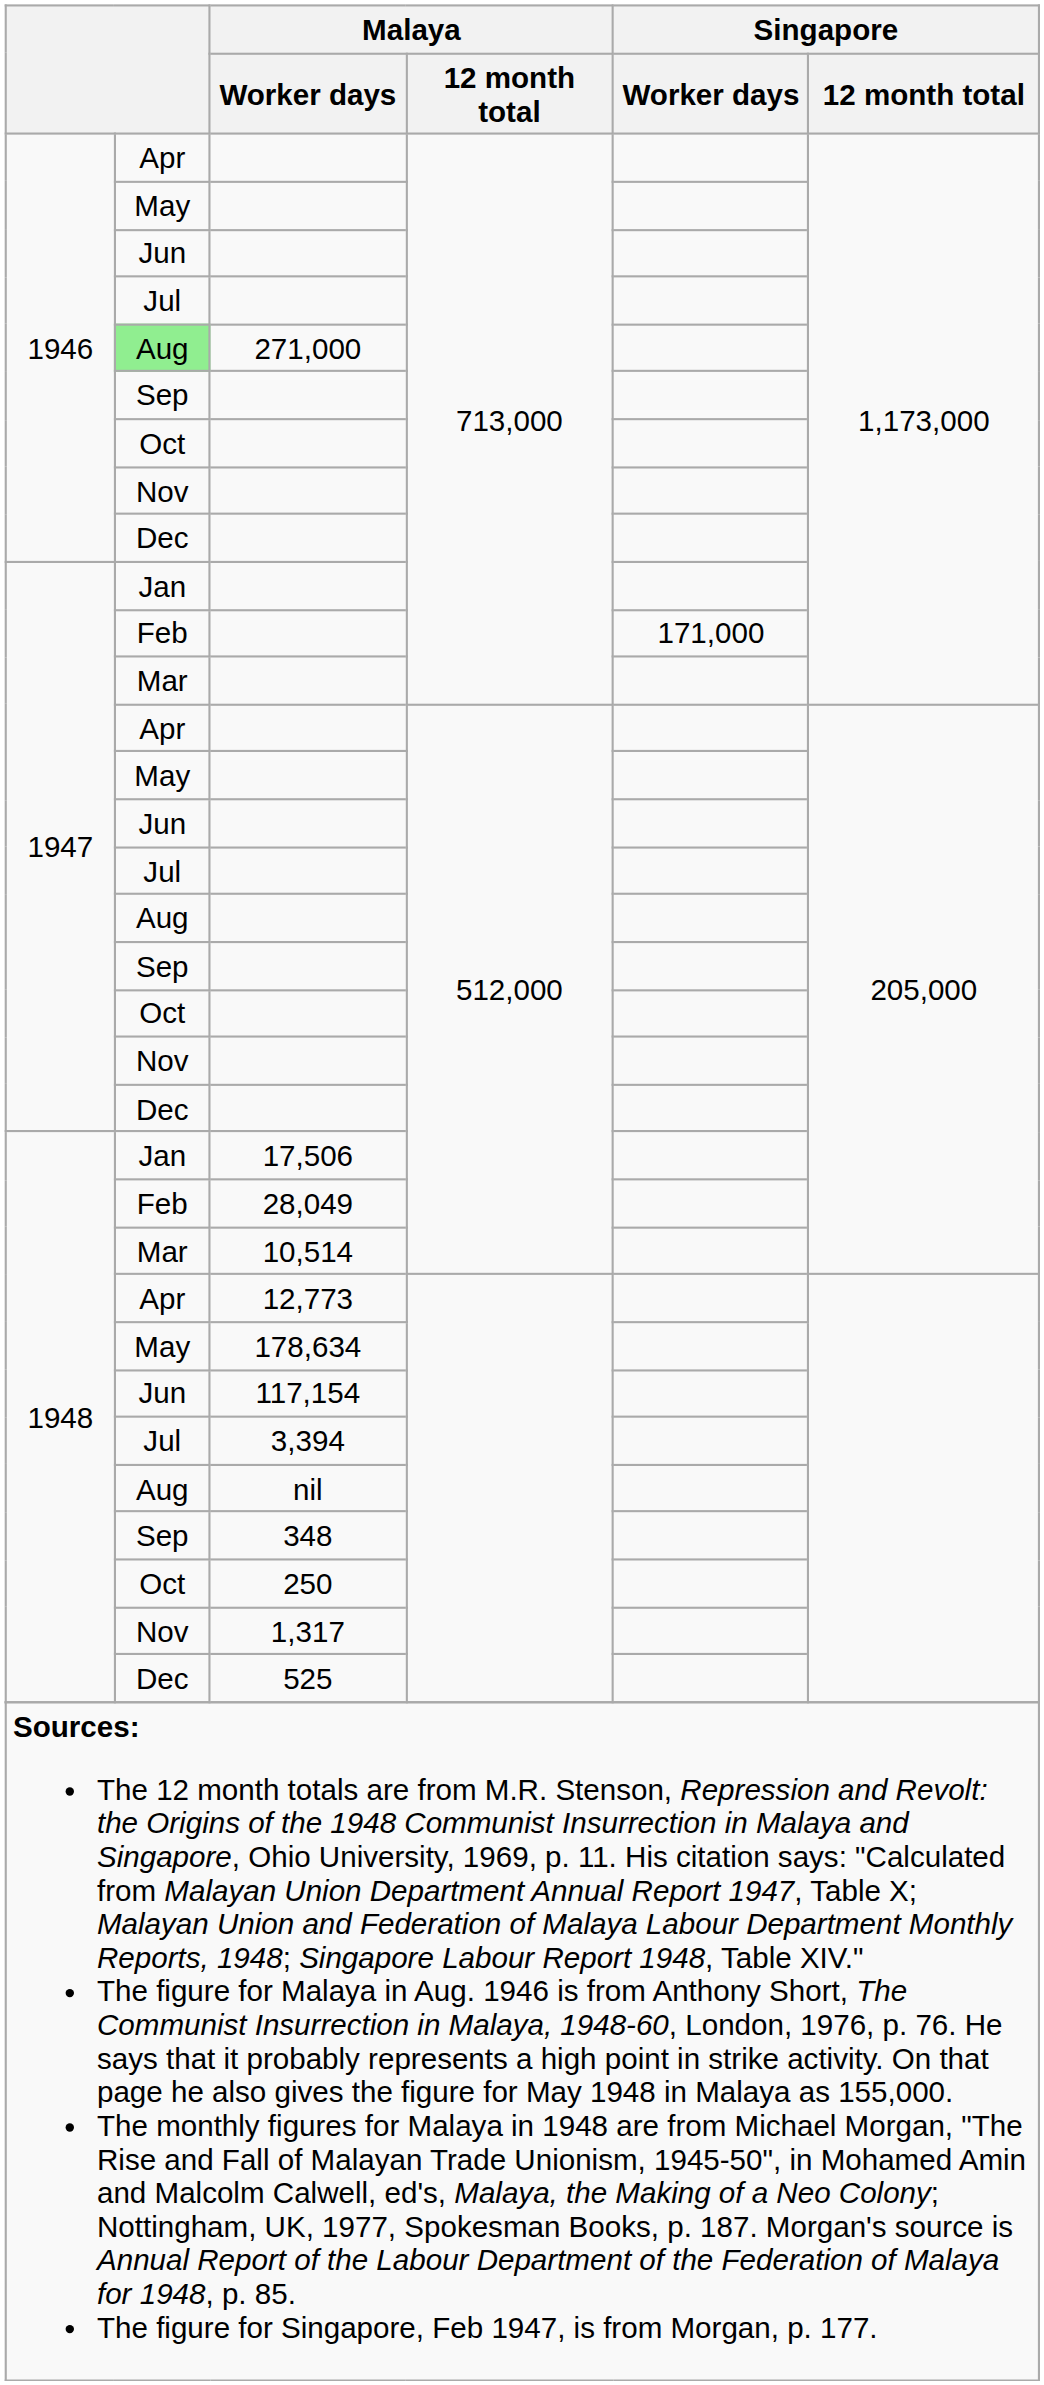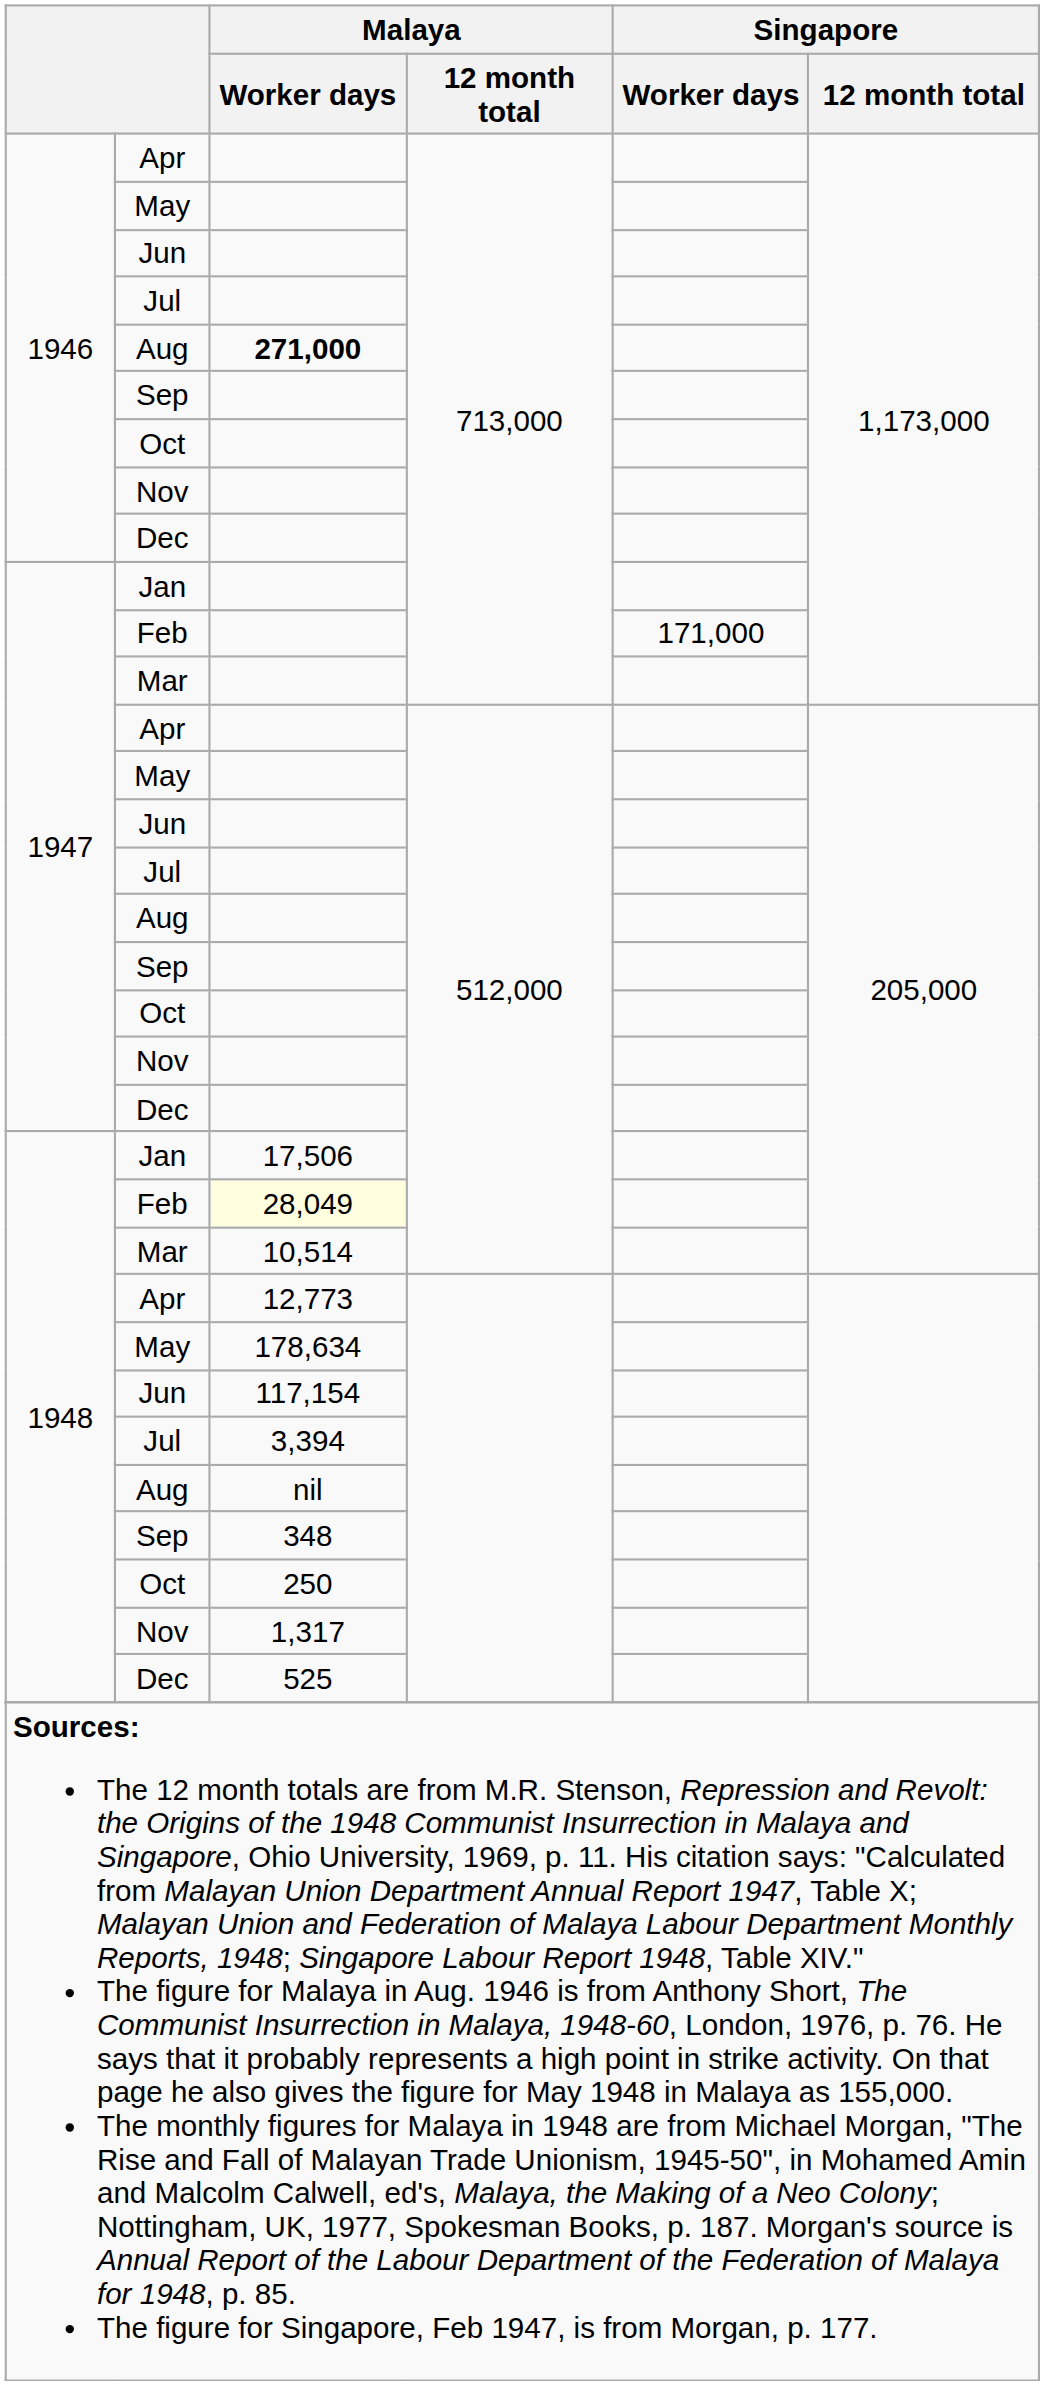 <table class="wikitable" style="width:35em; max-width:50%; text-align:center; float:right; margin-left:1em; font-size:88%;">
 <tr>
 <th colspan=2 rowspan=2></th>
 <th colspan=2>Malaya</th>
 <th colspan=2>Singapore</th>
 </tr>
 <tr>
 <th>Worker days</th>
 <th>12 month total</th>
 <th>Worker days</th>
 <th>12 month total</th>
 </tr>
 <tr>
 <td rowspan=9>1946</td>
 <td>Apr</td>
 <td></td>
 <td rowspan=12>713,000</td>
 <td></td>
 <td rowspan=12>1,173,000</td>
 </tr>
 <tr>
 <td>May</td>
 <td></td>
 <td></td>
 </tr>
 <tr>
 <td>Jun</td>
 <td></td>
 <td></td>
 </tr>
 <tr>
 <td>Jul</td>
 <td></td>
 <td></td>
 </tr>
 <tr>
-<td style="background: lightgreen;">Aug</td>
-<td>271,000</td>
+<td>Aug</td>
+<td><strong>271,000</strong></td>
 <td></td>
 </tr>
 <tr>
 <td>Sep</td>
 <td></td>
 <td></td>
 </tr>
 <tr>
 <td>Oct</td>
 <td></td>
 <td></td>
 </tr>
 <tr>
 <td>Nov</td>
 <td></td>
 <td></td>
 </tr>
 <tr>
 <td>Dec</td>
 <td></td>
 <td><br></td>
 </tr>
 <tr>
 <td rowspan=12>1947</td>
 <td>Jan</td>
 <td></td>
 <td></td>
 </tr>
 <tr>
 <td>Feb</td>
 <td></td>
 <td>171,000</td>
 </tr>
 <tr>
 <td>Mar</td>
 <td></td>
 <td></td>
 </tr>
 <tr>
 <td>Apr</td>
 <td></td>
 <td rowspan=12>512,000</td>
 <td></td>
 <td rowspan=12>205,000</td>
 </tr>
 <tr>
 <td>May</td>
 <td></td>
 <td></td>
 </tr>
 <tr>
 <td>Jun</td>
 <td></td>
 <td></td>
 </tr>
 <tr>
 <td>Jul</td>
 <td></td>
 <td></td>
 </tr>
 <tr>
 <td>Aug</td>
 <td></td>
 <td></td>
 </tr>
 <tr>
 <td>Sep</td>
 <td></td>
 <td></td>
 </tr>
 <tr>
 <td>Oct</td>
 <td></td>
 <td></td>
 </tr>
 <tr>
 <td>Nov</td>
 <td></td>
 <td></td>
 </tr>
 <tr>
 <td>Dec</td>
 <td></td>
 <td><br></td>
 </tr>
 <tr>
 <td rowspan=12>1948</td>
 <td>Jan</td>
 <td>17,506</td>
 <td></td>
 </tr>
 <tr>
 <td>Feb</td>
-<td>28,049</td>
+<td style="background: lightyellow;">28,049</td>
 <td></td>
 </tr>
 <tr>
 <td>Mar</td>
 <td>10,514</td>
 <td></td>
 </tr>
 <tr>
 <td>Apr</td>
 <td>12,773</td>
 <td rowspan=9></td>
 <td></td>
 <td rowspan=9></td>
 </tr>
 <tr>
 <td>May</td>
 <td>178,634</td>
 <td></td>
 </tr>
 <tr>
 <td>Jun</td>
 <td>117,154</td>
 <td></td>
 </tr>
 <tr>
 <td>Jul</td>
 <td>3,394</td>
 <td></td>
 </tr>
 <tr>
 <td>Aug</td>
 <td>nil</td>
 <td></td>
 </tr>
 <tr>
 <td>Sep</td>
 <td>348</td>
 <td></td>
 </tr>
 <tr>
 <td>Oct</td>
 <td>250</td>
 <td></td>
 </tr>
 <tr>
 <td>Nov</td>
 <td>1,317</td>
 <td></td>
 </tr>
 <tr>
 <td>Dec</td>
 <td>525</td>
 <td></td>
 </tr>
 <tr>
 </tr>
 <tr>
 <td colspan=6 style="text-align:left"><strong>Sources:</strong><br><ul><li>The 12 month totals are from M.R. Stenson, <em>Repression and Revolt: the Origins of the 1948 Communist Insurrection in Malaya and Singapore</em>, Ohio University, 1969, p. 11. His citation says: "Calculated from <em>Malayan Union Department Annual Report 1947</em>, Table X; <em>Malayan Union and Federation of Malaya Labour Department Monthly Reports, 1948</em>; <em>Singapore Labour Report 1948</em>, Table XIV."</li><li>The figure for Malaya in Aug. 1946 is from Anthony Short, <em>The Communist Insurrection in Malaya, 1948-60</em>, London, 1976, p. 76. He says that it probably represents a high point in strike activity. On that page he also gives the figure for May 1948 in Malaya as 155,000.</li><li>The monthly figures for Malaya in 1948 are from Michael Morgan, "The Rise and Fall of Malayan Trade Unionism, 1945-50", in Mohamed Amin and Malcolm Calwell, ed's, <em>Malaya, the Making of a Neo Colony</em>; Nottingham, UK, 1977, Spokesman Books, p. 187. Morgan's source is <em>Annual Report of the Labour Department of the Federation of Malaya for 1948</em>, p. 85.</li><li>The figure for Singapore, Feb 1947, is from Morgan, p. 177.</li></ul></td>
 </tr>
 </table>
